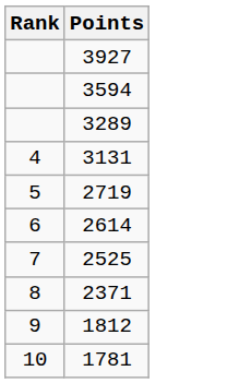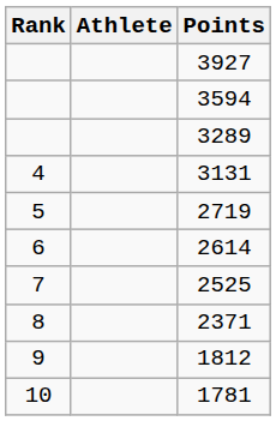 <table class="wikitable" style="display:inline-table; text-align:center;">
 <tr>
 <th>Rank</th>
+<th>Athlete</th>
 <th>Points</th>
 </tr>
 <tr>
 <td></td>
+<td align="left"></td>
 <td>3927</td>
 </tr>
 <tr>
 <td></td>
+<td align="left"></td>
 <td>3594</td>
 </tr>
 <tr>
 <td></td>
+<td align="left"></td>
 <td>3289</td>
 </tr>
 <tr>
 <td>4</td>
+<td align="left"></td>
 <td>3131</td>
 </tr>
 <tr>
 <td>5</td>
+<td align="left"></td>
 <td>2719</td>
 </tr>
 <tr>
 <td>6</td>
+<td align="left"></td>
 <td>2614</td>
 </tr>
 <tr>
 <td>7</td>
+<td align="left"></td>
 <td>2525</td>
 </tr>
 <tr>
 <td>8</td>
+<td align="left"></td>
 <td>2371</td>
 </tr>
 <tr>
 <td>9</td>
+<td align="left"></td>
 <td>1812</td>
 </tr>
 <tr>
 <td>10</td>
+<td align="left"></td>
 <td>1781</td>
 </tr>
 </table>
